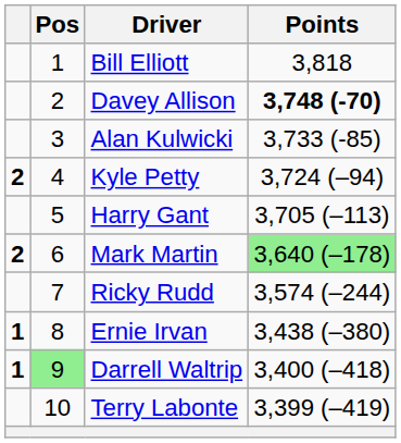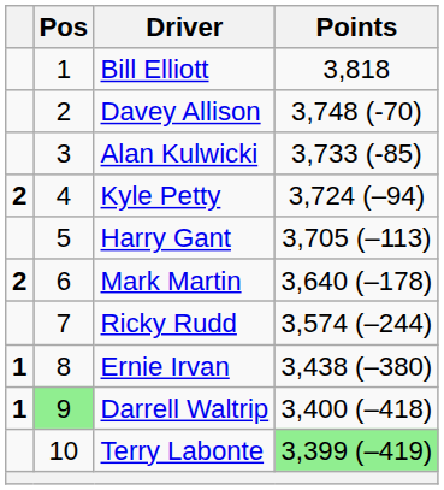 <table class="wikitable" style="font-size: 95%;">
 <tr>
 <th></th>
 <th>Pos</th>
 <th>Driver</th>
 <th>Points</th>
 </tr>
 <tr>
 <td align="left"></td>
 <td style="text-align:center;">1</td>
 <td><a href='#'>Bill Elliott</a></td>
 <td style="text-align:center;">3,818</td>
 </tr>
 <tr>
 <td align="left"></td>
 <td style="text-align:center;">2</td>
 <td><a href='#'>Davey Allison</a></td>
-<td style="text-align:center;"><strong>3,748 (-70)</strong></td>
+<td style="text-align:center;">3,748 (-70)</td>
 </tr>
 <tr>
 <td align="left"></td>
 <td style="text-align:center;">3</td>
 <td><a href='#'>Alan Kulwicki</a></td>
 <td style="text-align:center;">3,733 (-85)</td>
 </tr>
 <tr>
 <td align="left"> <strong>2</strong></td>
 <td style="text-align:center;">4</td>
 <td><a href='#'>Kyle Petty</a></td>
 <td style="text-align:center;">3,724 (–94)</td>
 </tr>
 <tr>
 <td align="left"></td>
 <td style="text-align:center;">5</td>
 <td><a href='#'>Harry Gant</a></td>
 <td style="text-align:center;">3,705 (–113)</td>
 </tr>
 <tr>
 <td align="left"> <strong>2</strong></td>
 <td style="text-align:center;">6</td>
 <td><a href='#'>Mark Martin</a></td>
-<td style="background: lightgreen; text-align:center;">3,640 (–178)</td>
+<td style="text-align:center;">3,640 (–178)</td>
 </tr>
 <tr>
 <td align="left"></td>
 <td style="text-align:center;">7</td>
 <td><a href='#'>Ricky Rudd</a></td>
 <td style="text-align:center;">3,574 (–244)</td>
 </tr>
 <tr>
 <td align="left"> <strong>1</strong></td>
 <td style="text-align:center;">8</td>
 <td><a href='#'>Ernie Irvan</a></td>
 <td style="text-align:center;">3,438 (–380)</td>
 </tr>
 <tr>
 <td align="left"> <strong>1</strong></td>
 <td style="background: lightgreen; text-align:center;">9</td>
 <td><a href='#'>Darrell Waltrip</a></td>
 <td style="text-align:center;">3,400 (–418)</td>
 </tr>
 <tr>
 <td align="left"></td>
 <td style="text-align:center;">10</td>
 <td><a href='#'>Terry Labonte</a></td>
-<td style="text-align:center;">3,399 (–419)</td>
+<td style="background: lightgreen; text-align:center;">3,399 (–419)</td>
 </tr>
 <tr class="sortbottom">
 <th colspan="9"></th>
 </tr>
 </table>
